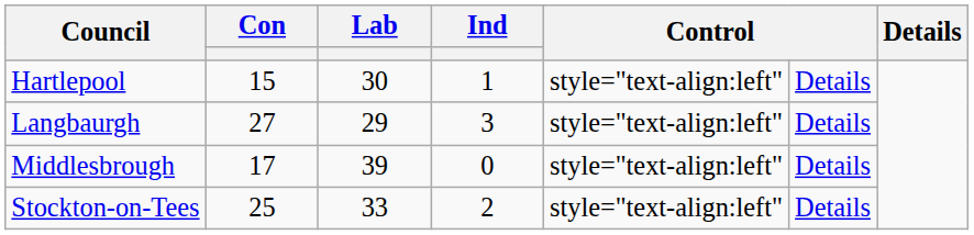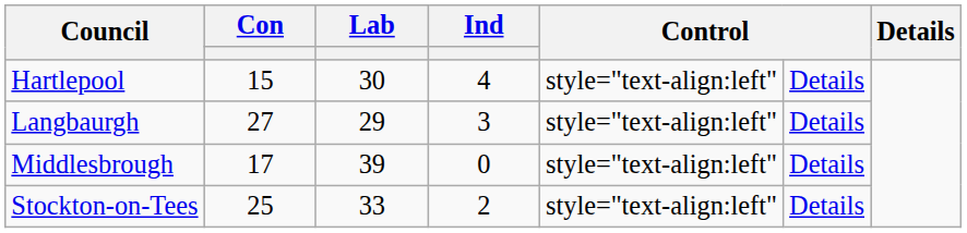 <table class="wikitable" style="text-align:center;">
 <tr>
 <th rowspan=2>Council</th>
 <th style="width:60px;"><a href='#'>Con</a></th>
 <th style="width:60px;"><a href='#'>Lab</a></th>
 <th style="width:60px;"><a href='#'>Ind</a></th>
 <th rowspan=2 colspan=2>Control</th>
 <th rowspan=2>Details</th>
 </tr>
 <tr>
 <th style="background:"></th>
 <th style="background:"></th>
 <th style="background:"></th>
 </tr>
 <tr>
 <td style="text-align:left"><a href='#'>Hartlepool</a></td>
 <td>15</td>
 <td>30</td>
-<td>1</td>
+<td>4</td>
 <td>style="text-align:left" </td>
 <td style="text-align:left"><a href='#'>Details</a></td>
 </tr>
 <tr>
 <td style="text-align:left"><a href='#'>Langbaurgh</a></td>
 <td>27</td>
 <td>29</td>
 <td>3</td>
 <td>style="text-align:left" </td>
 <td style="text-align:left"><a href='#'>Details</a></td>
 </tr>
 <tr>
 <td style="text-align:left"><a href='#'>Middlesbrough</a></td>
 <td>17</td>
 <td>39</td>
 <td>0</td>
 <td>style="text-align:left" </td>
 <td style="text-align:left"><a href='#'>Details</a></td>
 </tr>
 <tr>
 <td style="text-align:left"><a href='#'>Stockton-on-Tees</a></td>
 <td>25</td>
 <td>33</td>
 <td>2</td>
 <td>style="text-align:left" </td>
 <td style="text-align:left"><a href='#'>Details</a></td>
 </tr>
 </table>
